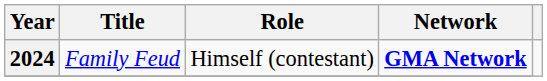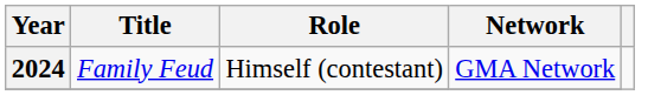 <table class="wikitable plainrowheaders sortable" style="text-align:center">
 <tr>
 <th scope="col">Year</th>
 <th scope="col">Title</th>
 <th scope="col">Role</th>
 <th scope="col">Network</th>
 <th class="unsortable"></th>
 </tr>
 <tr>
 <th scope="row" rowspan="1">2024</th>
 <td><em><a href='#'>Family Feud</a></em></td>
 <td>Himself (contestant)</td>
-<td><strong><a href='#'>GMA Network</a></strong></td>
+<td><a href='#'>GMA Network</a></td>
 </tr>
 <tr>
 </tr>
 </table>
